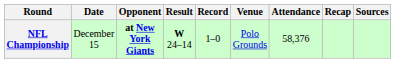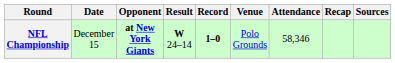 <table class="wikitable" style="text-align:center">
 <tr>
 <th>Round</th>
 <th>Date</th>
 <th>Opponent</th>
 <th>Result</th>
 <th>Record</th>
 <th>Venue</th>
 <th>Attendance</th>
 <th>Recap</th>
 <th>Sources</th>
 </tr>
 <tr style="background:#cfc">
 <th><a href='#'>NFL Championship</a></th>
 <td>December 15</td>
 <td><strong>at <a href='#'>New York Giants</a></strong></td>
 <td><strong>W</strong> 24–14</td>
-<td>1–0</td>
+<td><strong>1–0</strong></td>
 <td><a href='#'>Polo Grounds</a></td>
-<td>58,376</td>
+<td>58,346</td>
 <td></td>
 <td></td>
 </tr>
 </table>
